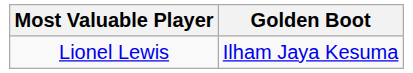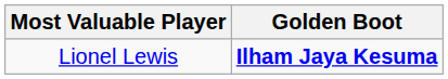 <table class="wikitable" style="text-align:center; margin:auto;">
 <tr>
 <th>Most Valuable Player</th>
 <th>Golden Boot</th>
 </tr>
 <tr>
 <td> <a href='#'>Lionel Lewis</a></td>
-<td> <a href='#'>Ilham Jaya Kesuma</a></td>
+<td><strong> <a href='#'>Ilham Jaya Kesuma</a></strong></td>
 </tr>
 </table>
